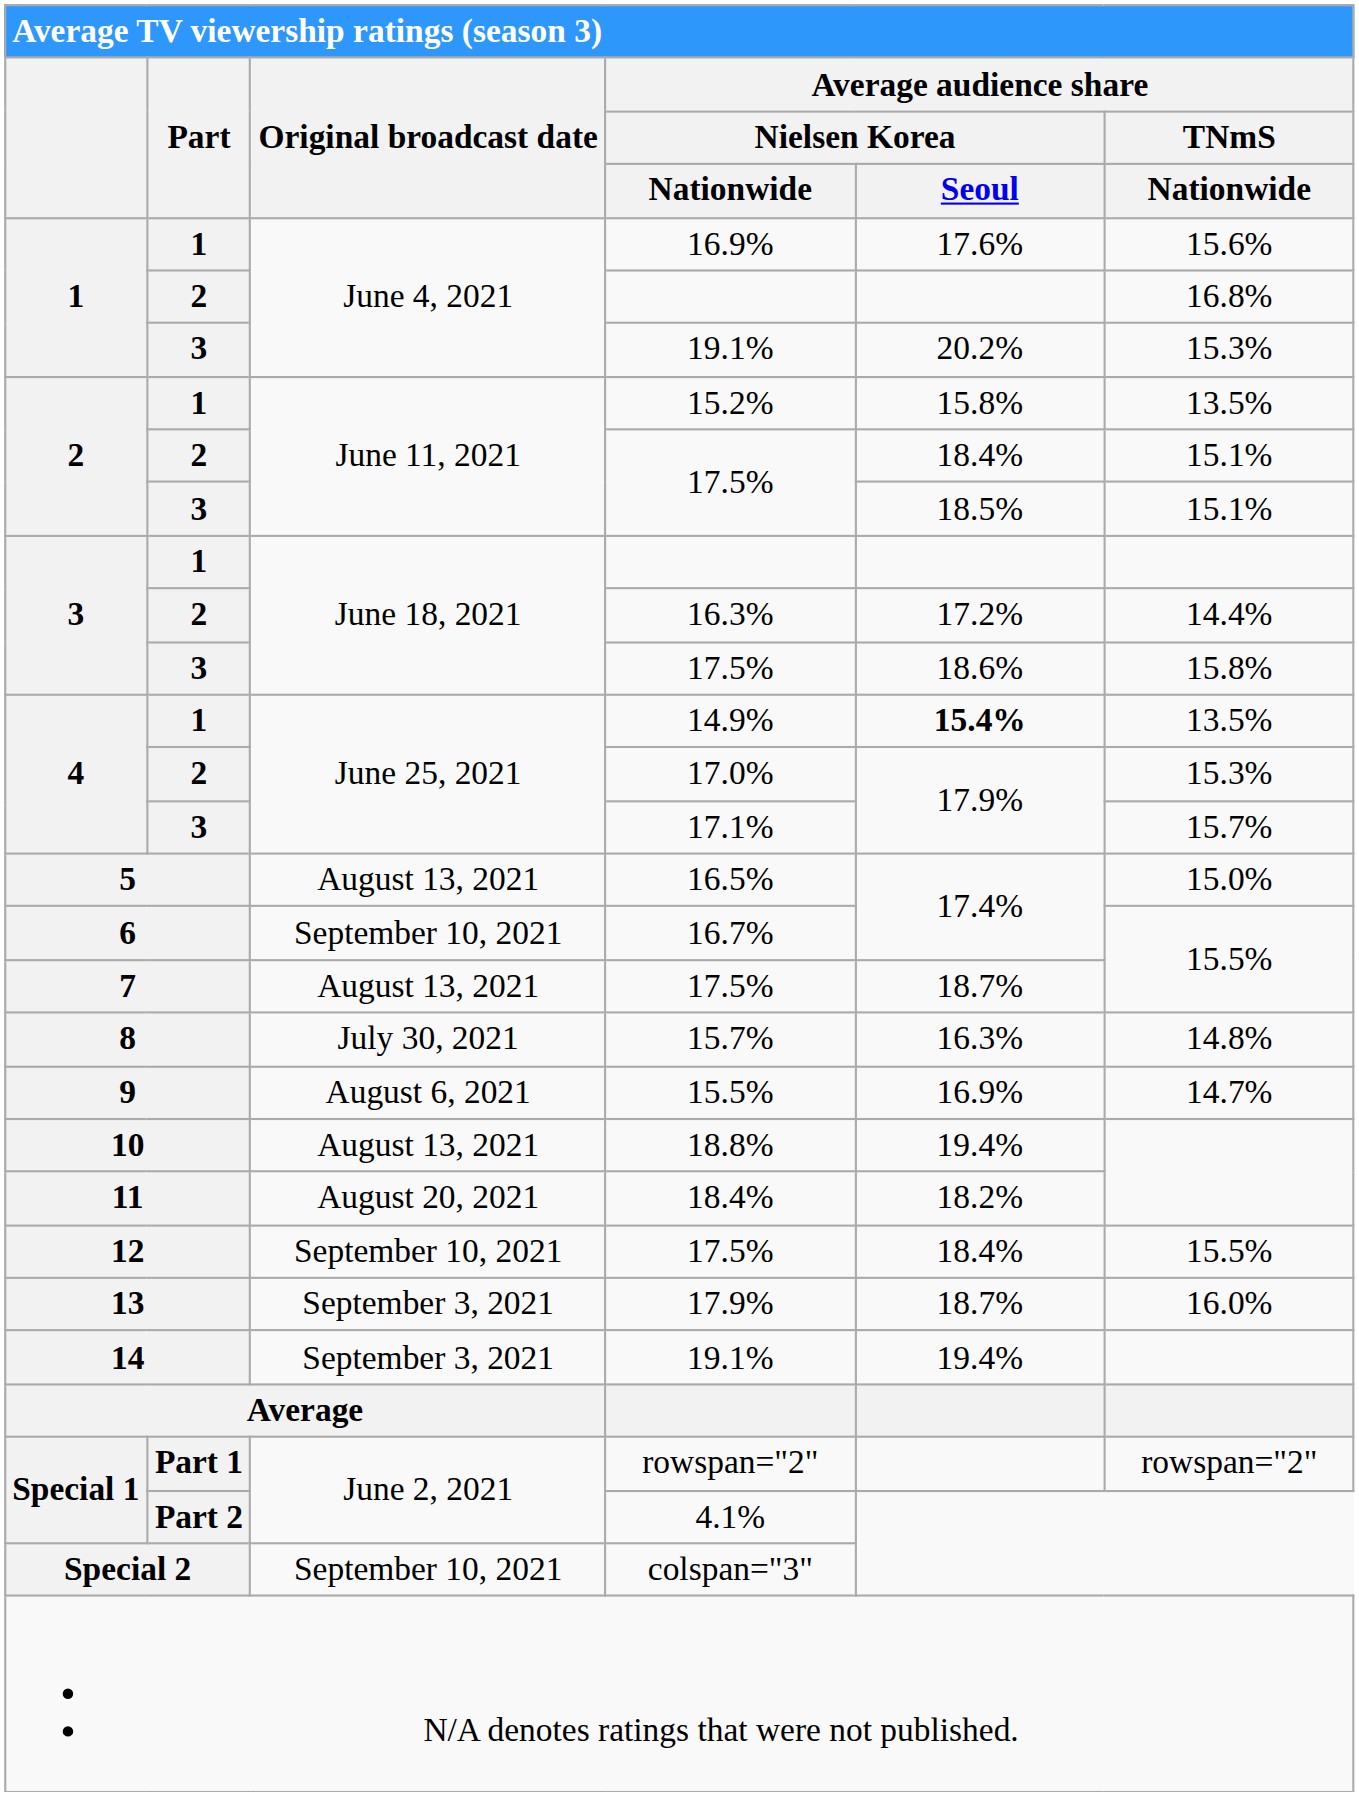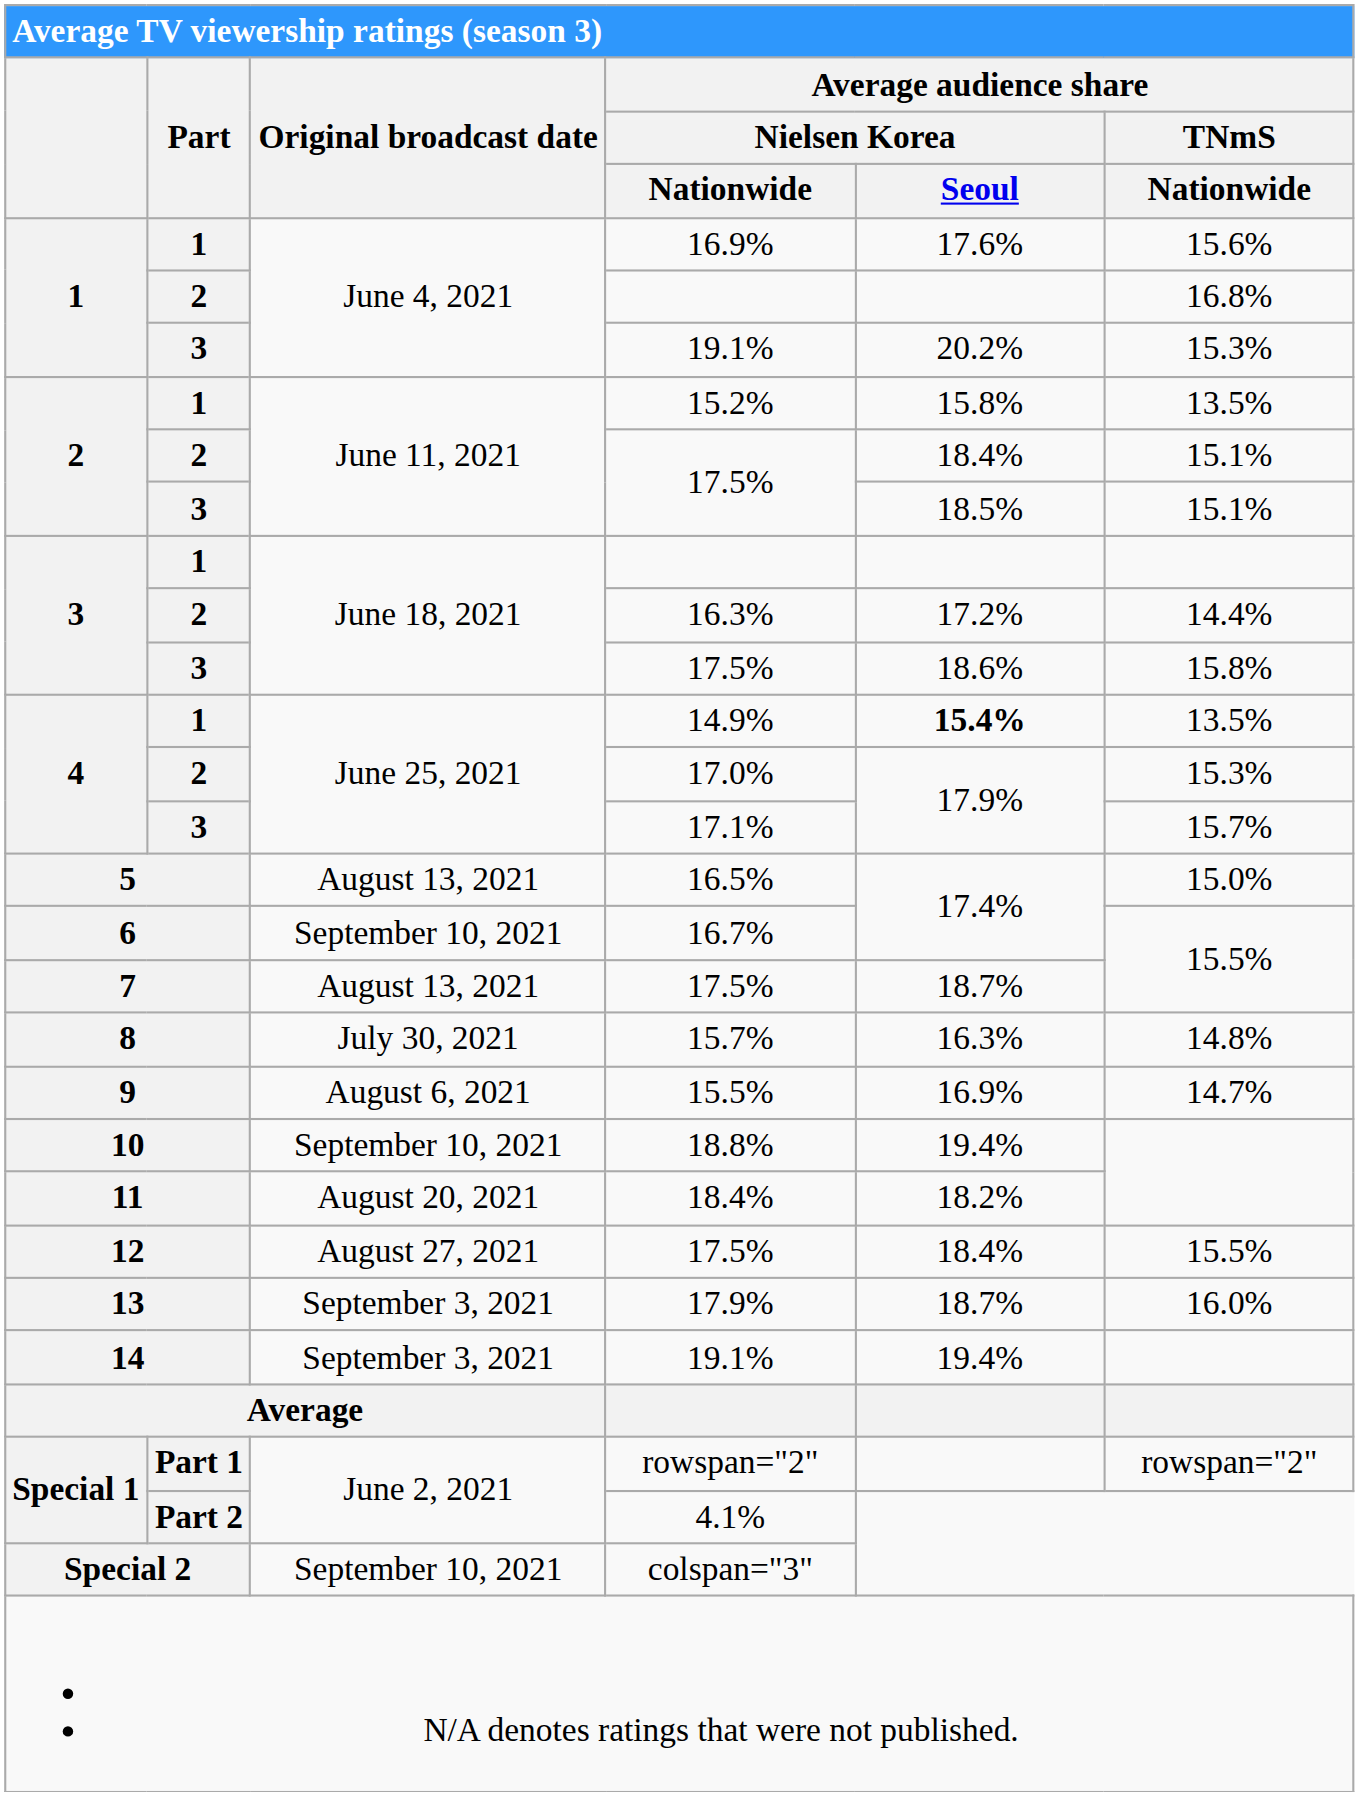 <table role="presentation" class="wikitable mw-collapsible mw-collapsed" style="text-align:center; max-width:650px; margin-left:auto; margin-right:auto; border:none">
 <tr>
 <th colspan="6" style="background:#2E97FC; color:white; text-align:left">Average TV viewership ratings (season 3)</th>
 </tr>
 <tr>
 <th scope="col" rowspan="3"></th>
 <th scope="col" rowspan="3">Part</th>
 <th scope="col" rowspan="3">Original broadcast date</th>
 <th scope="col" colspan="3">Average audience share</th>
 </tr>
 <tr>
 <th scope="col" colspan="2">Nielsen Korea</th>
 <th scope="col">TNmS</th>
 </tr>
 <tr>
 <th scope="col" style="width:7em">Nationwide</th>
 <th scope="col" style="width:7em"><a href='#'>Seoul</a></th>
 <th scope="col" style="width:7em">Nationwide</th>
 </tr>
 <tr>
 <th scope="col" rowspan="3">1</th>
 <th scope="col">1</th>
 <td rowspan="3">June 4, 2021</td>
 <td>16.9% </td>
 <td>17.6% </td>
 <td>15.6% </td>
 </tr>
 <tr>
 <th scope="col">2</th>
 <td><strong></strong> </td>
 <td><strong></strong> </td>
 <td>16.8% </td>
 </tr>
 <tr>
 <th scope="col">3</th>
 <td>19.1% </td>
 <td>20.2% </td>
 <td>15.3% </td>
 </tr>
 <tr>
 <th scope="col" rowspan="3">2</th>
 <th scope="col">1</th>
 <td rowspan="3">June 11, 2021</td>
 <td>15.2% </td>
 <td>15.8% </td>
 <td>13.5% </td>
 </tr>
 <tr>
 <th scope="col">2</th>
 <td rowspan="2">17.5% </td>
 <td>18.4% </td>
 <td>15.1% </td>
 </tr>
 <tr>
 <th scope="col">3</th>
 <td>18.5% </td>
 <td>15.1% </td>
 </tr>
 <tr>
 <th scope="col" rowspan="3">3</th>
 <th scope="col">1</th>
 <td rowspan="3">June 18, 2021</td>
 <td><strong></strong> </td>
 <td><strong></strong> </td>
 <td><strong></strong> </td>
 </tr>
 <tr>
 <th scope="col">2</th>
 <td>16.3% </td>
 <td>17.2% </td>
 <td>14.4% </td>
 </tr>
 <tr>
 <th scope="col">3</th>
 <td>17.5% </td>
 <td>18.6% </td>
 <td>15.8% </td>
 </tr>
 <tr>
 <th scope="col" rowspan="3">4</th>
 <th scope="col">1</th>
 <td rowspan="3">June 25, 2021</td>
 <td>14.9% </td>
 <td><strong>15.4% </strong></td>
 <td>13.5% </td>
 </tr>
 <tr>
 <th scope="col">2</th>
 <td>17.0% </td>
 <td rowspan="2">17.9% </td>
 <td>15.3% </td>
 </tr>
 <tr>
 <th scope="col">3</th>
 <td>17.1% </td>
 <td>15.7% </td>
 </tr>
 <tr>
 <th scope="col" colspan="2">5</th>
 <td>August 13, 2021</td>
 <td>16.5% </td>
 <td rowspan="2">17.4% </td>
 <td>15.0% </td>
 </tr>
 <tr>
 <th scope="col" colspan="2">6</th>
 <td>September 10, 2021</td>
 <td>16.7% </td>
 <td rowspan="2">15.5% </td>
 </tr>
 <tr>
 <th scope="col" colspan="2">7</th>
 <td>August 13, 2021</td>
 <td>17.5% </td>
 <td>18.7% </td>
 </tr>
 <tr>
 <th scope="col" colspan="2">8</th>
 <td>July 30, 2021</td>
 <td>15.7% </td>
 <td>16.3% </td>
 <td>14.8% </td>
 </tr>
 <tr>
 <th scope="col" colspan="2">9</th>
 <td>August 6, 2021</td>
 <td>15.5% </td>
 <td>16.9% </td>
 <td>14.7% </td>
 </tr>
 <tr>
 <th scope="col" colspan="2">10</th>
-<td>August 13, 2021</td>
+<td>September 10, 2021</td>
 <td>18.8% </td>
 <td>19.4% </td>
 <td rowspan="2"><strong></strong> </td>
 </tr>
 <tr>
 <th scope="col" colspan="2">11</th>
 <td>August 20, 2021</td>
 <td>18.4% </td>
 <td>18.2% </td>
 </tr>
 <tr>
 <th scope="col" colspan="2">12</th>
-<td>September 10, 2021</td>
+<td>August 27, 2021</td>
 <td>17.5% </td>
 <td>18.4% </td>
 <td>15.5% </td>
 </tr>
 <tr>
 <th scope="col" colspan="2">13</th>
 <td>September 3, 2021</td>
 <td>17.9% </td>
 <td>18.7% </td>
 <td>16.0% </td>
 </tr>
 <tr>
 <th scope="col" colspan="2">14</th>
 <td>September 3, 2021</td>
 <td>19.1% </td>
 <td>19.4% </td>
 <td></td>
 </tr>
 <tr>
 <th scope="col" colspan="3">Average</th>
 <th scope="col"></th>
 <th scope="col"></th>
 <th scope="col"></th>
 </tr>
 <tr>
 <th scope="col" rowspan="2">Special 1</th>
 <th scope="col">Part 1</th>
 <td rowspan="2">June 2, 2021</td>
 <td>rowspan="2" </td>
 <td></td>
 <td>rowspan="2" </td>
 </tr>
 <tr>
 <th scope="col">Part 2</th>
 <td>4.1% </td>
 </tr>
 <tr>
 <th scope="col" colspan="2">Special 2</th>
 <td>September 10, 2021</td>
 <td>colspan="3" </td>
 </tr>
 <tr>
 <td colspan="6"><br><ul><li></li><li>N/A denotes ratings that were not published.</li></ul></td>
 </tr>
 </table>
